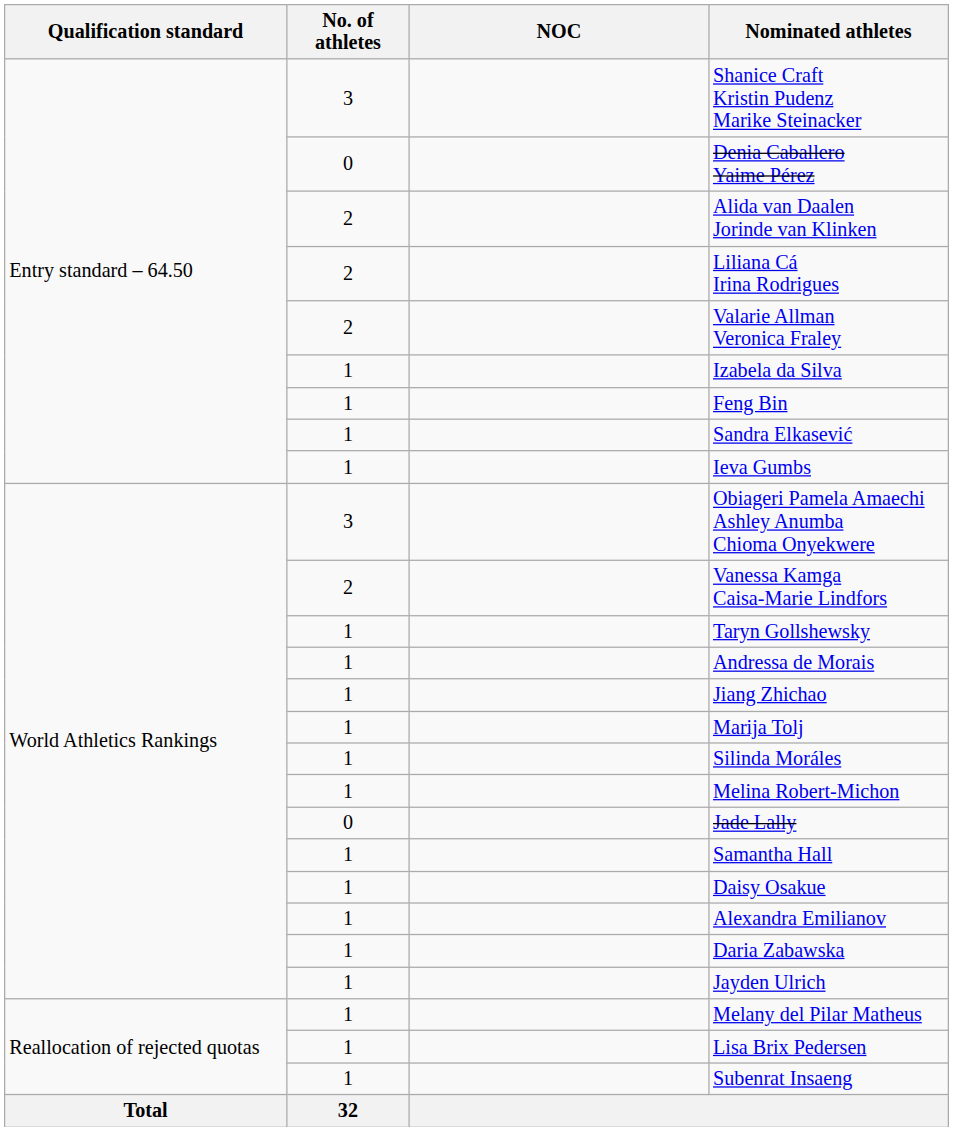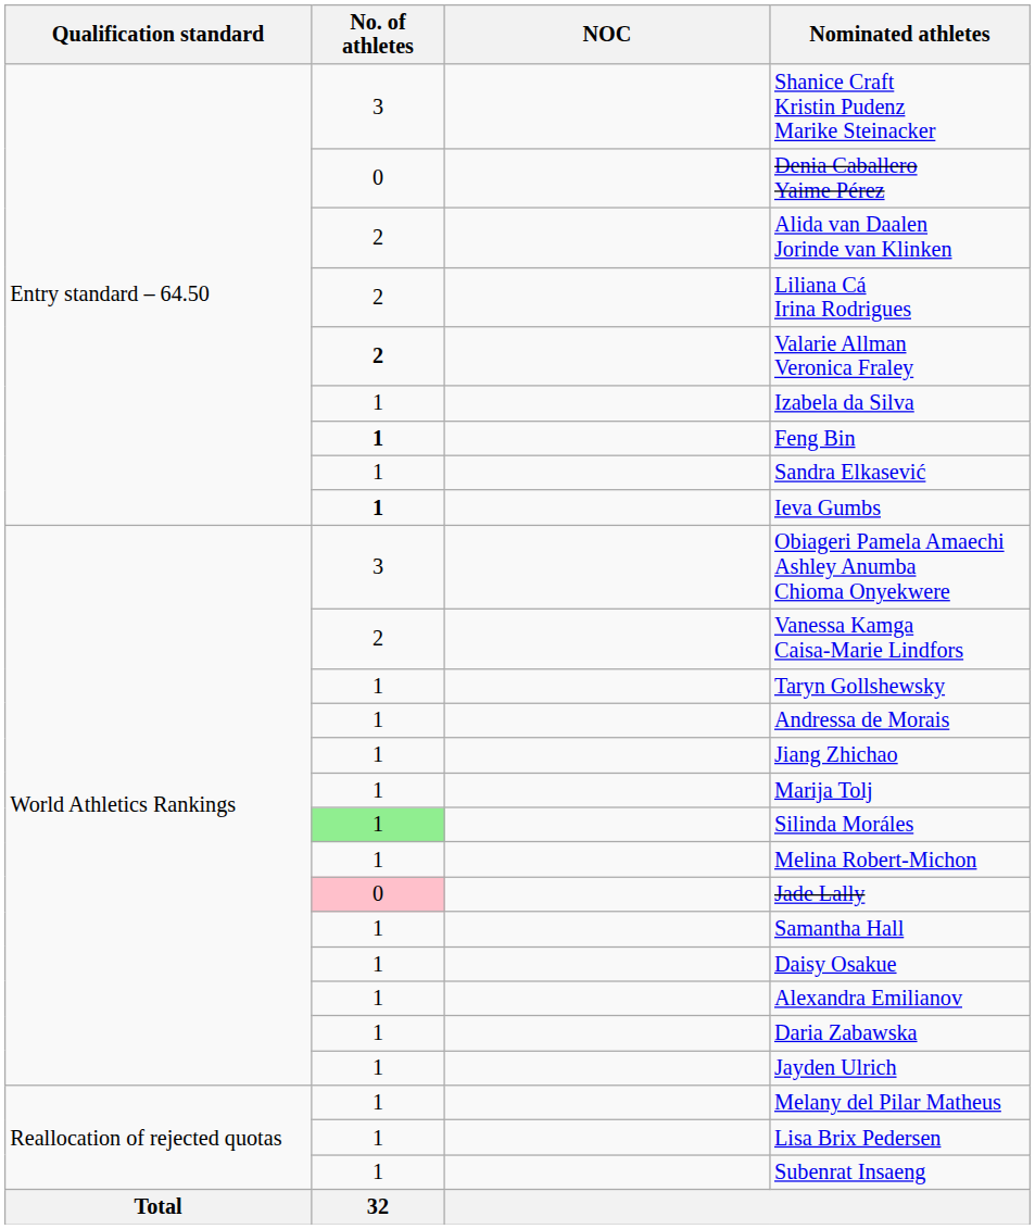 <table class="wikitable sortable" style="text-align:left; width:750px;">
 <tr>
 <th>Qualification standard</th>
 <th width=90>No. of athletes</th>
 <th width=230>NOC</th>
 <th>Nominated athletes</th>
 </tr>
 <tr>
 <td rowspan=9>Entry standard – 64.50</td>
 <td align=center>3</td>
 <td></td>
 <td><a href='#'>Shanice Craft</a><br><a href='#'>Kristin Pudenz</a><br><a href='#'>Marike Steinacker</a></td>
 </tr>
 <tr>
 <td align=center>0</td>
 <td><s></s></td>
 <td><s><a href='#'>Denia Caballero</a></s><br><s><a href='#'>Yaime Pérez</a></s></td>
 </tr>
 <tr>
 <td align=center>2</td>
 <td></td>
 <td><a href='#'>Alida van Daalen</a><br><a href='#'>Jorinde van Klinken</a></td>
 </tr>
 <tr>
 <td align=center>2</td>
 <td></td>
 <td><a href='#'>Liliana Cá</a><br><a href='#'>Irina Rodrigues</a></td>
 </tr>
 <tr>
-<td align=center>2</td>
+<td align=center><strong>2</strong></td>
 <td></td>
 <td><a href='#'>Valarie Allman</a><br><a href='#'>Veronica Fraley</a></td>
 </tr>
 <tr>
 <td align=center>1</td>
 <td></td>
 <td><a href='#'>Izabela da Silva</a></td>
 </tr>
 <tr>
-<td align=center>1</td>
+<td align=center><strong>1</strong></td>
 <td></td>
 <td><a href='#'>Feng Bin</a></td>
 </tr>
 <tr>
 <td align=center>1</td>
 <td></td>
 <td><a href='#'>Sandra Elkasević</a></td>
 </tr>
 <tr>
-<td align=center>1</td>
+<td align=center><strong>1</strong></td>
 <td></td>
 <td><a href='#'>Ieva Gumbs</a></td>
 </tr>
 <tr>
 <td rowspan=14>World Athletics Rankings</td>
 <td align=center>3</td>
 <td></td>
 <td><a href='#'>Obiageri Pamela Amaechi</a><br><a href='#'>Ashley Anumba</a><br><a href='#'>Chioma Onyekwere</a></td>
 </tr>
 <tr>
 <td align=center>2</td>
 <td></td>
 <td><a href='#'>Vanessa Kamga</a><br><a href='#'>Caisa-Marie Lindfors</a></td>
 </tr>
 <tr>
 <td align=center>1</td>
 <td></td>
 <td><a href='#'>Taryn Gollshewsky</a></td>
 </tr>
 <tr>
 <td align=center>1</td>
 <td></td>
 <td><a href='#'>Andressa de Morais</a></td>
 </tr>
 <tr>
 <td align=center>1</td>
 <td></td>
 <td><a href='#'>Jiang Zhichao</a></td>
 </tr>
 <tr>
 <td align=center>1</td>
 <td></td>
 <td><a href='#'>Marija Tolj</a></td>
 </tr>
 <tr>
-<td align=center>1</td>
+<td align=center style="background: lightgreen;">1</td>
 <td></td>
 <td><a href='#'>Silinda Moráles</a></td>
 </tr>
 <tr>
 <td align=center>1</td>
 <td></td>
 <td><a href='#'>Melina Robert-Michon</a></td>
 </tr>
 <tr>
-<td align=center>0</td>
+<td align=center style="background: pink;">0</td>
 <td><s></s></td>
 <td><s><a href='#'>Jade Lally</a></s></td>
 </tr>
 <tr>
 <td align=center>1</td>
 <td></td>
 <td><a href='#'>Samantha Hall</a></td>
 </tr>
 <tr>
 <td align=center>1</td>
 <td></td>
 <td><a href='#'>Daisy Osakue</a></td>
 </tr>
 <tr>
 <td align=center>1</td>
 <td></td>
 <td><a href='#'>Alexandra Emilianov</a></td>
 </tr>
 <tr>
 <td align=center>1</td>
 <td></td>
 <td><a href='#'>Daria Zabawska</a></td>
 </tr>
 <tr>
 <td align=center>1</td>
 <td></td>
 <td><a href='#'>Jayden Ulrich</a></td>
 </tr>
 <tr>
 <td rowspan=3>Reallocation of rejected quotas</td>
 <td align=center>1</td>
 <td></td>
 <td><a href='#'>Melany del Pilar Matheus</a></td>
 </tr>
 <tr>
 <td align=center>1</td>
 <td></td>
 <td><a href='#'>Lisa Brix Pedersen</a></td>
 </tr>
 <tr>
 <td align=center>1</td>
 <td></td>
 <td><a href='#'>Subenrat Insaeng</a></td>
 </tr>
 <tr>
 <th>Total</th>
 <th>32</th>
 <th colspan=2></th>
 </tr>
 </table>
